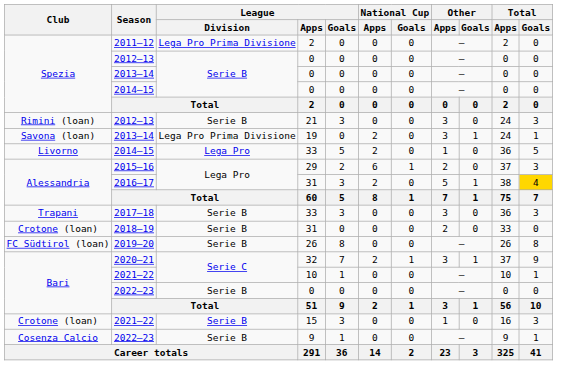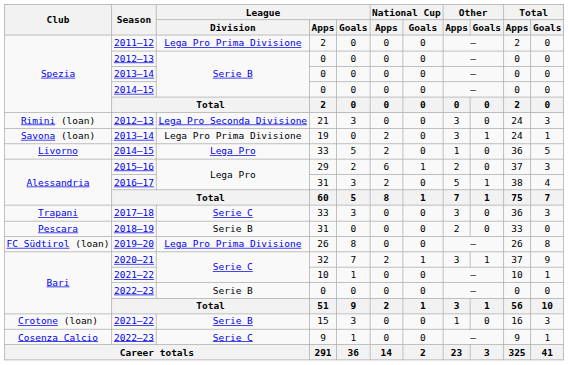 <table class="wikitable" style="text-align:center">
 <tr>
 <th rowspan="2">Club</th>
 <th rowspan="2">Season</th>
 <th colspan="3">League</th>
 <th colspan="2">National Cup</th>
 <th colspan="2">Other</th>
 <th colspan="2">Total</th>
 </tr>
 <tr>
 <th>Division</th>
 <th>Apps</th>
 <th>Goals</th>
 <th>Apps</th>
 <th>Goals</th>
 <th>Apps</th>
 <th>Goals</th>
 <th>Apps</th>
 <th>Goals</th>
 </tr>
 <tr>
 <td rowspan="5"><a href='#'>Spezia</a></td>
 <td><a href='#'>2011–12</a></td>
 <td><a href='#'>Lega Pro Prima Divisione</a></td>
 <td>2</td>
 <td>0</td>
 <td>0</td>
 <td>0</td>
 <td colspan="2">—</td>
 <td>2</td>
 <td>0</td>
 </tr>
 <tr>
 <td><a href='#'>2012–13</a></td>
 <td rowspan="3"><a href='#'>Serie B</a></td>
 <td>0</td>
 <td>0</td>
 <td>0</td>
 <td>0</td>
 <td colspan="2">—</td>
 <td>0</td>
 <td>0</td>
 </tr>
 <tr>
 <td><a href='#'>2013–14</a></td>
 <td>0</td>
 <td>0</td>
 <td>0</td>
 <td>0</td>
 <td colspan="2">—</td>
 <td>0</td>
 <td>0</td>
 </tr>
 <tr>
 <td><a href='#'>2014–15</a></td>
 <td>0</td>
 <td>0</td>
 <td>0</td>
 <td>0</td>
 <td colspan="2">—</td>
 <td>0</td>
 <td>0</td>
 </tr>
 <tr>
 <th colspan="2">Total</th>
 <th>2</th>
 <th>0</th>
 <th>0</th>
 <th>0</th>
 <th>0</th>
 <th>0</th>
 <th>2</th>
 <th>0</th>
 </tr>
 <tr>
 <td><a href='#'>Rimini</a> (loan)</td>
 <td><a href='#'>2012–13</a></td>
-<td>Serie B</td>
+<td><a href='#'>Lega Pro Seconda Divisione</a></td>
 <td>21</td>
 <td>3</td>
 <td>0</td>
 <td>0</td>
 <td>3</td>
 <td>0</td>
 <td>24</td>
 <td>3</td>
 </tr>
 <tr>
 <td><a href='#'>Savona</a> (loan)</td>
 <td><a href='#'>2013–14</a></td>
 <td>Lega Pro Prima Divisione</td>
 <td>19</td>
 <td>0</td>
 <td>2</td>
 <td>0</td>
 <td>3</td>
 <td>1</td>
 <td>24</td>
 <td>1</td>
 </tr>
 <tr>
 <td><a href='#'>Livorno</a></td>
 <td><a href='#'>2014–15</a></td>
 <td><a href='#'>Lega Pro</a></td>
 <td>33</td>
 <td>5</td>
 <td>2</td>
 <td>0</td>
 <td>1</td>
 <td>0</td>
 <td>36</td>
 <td>5</td>
 </tr>
 <tr>
 <td rowspan="3"><a href='#'>Alessandria</a></td>
 <td><a href='#'>2015–16</a></td>
 <td rowspan="2">Lega Pro</td>
 <td>29</td>
 <td>2</td>
 <td>6</td>
 <td>1</td>
 <td>2</td>
 <td>0</td>
 <td>37</td>
 <td>3</td>
 </tr>
 <tr>
 <td><a href='#'>2016–17</a></td>
 <td>31</td>
 <td>3</td>
 <td>2</td>
 <td>0</td>
 <td>5</td>
 <td>1</td>
 <td>38</td>
-<td style="background: gold;">4</td>
+<td>4</td>
 </tr>
 <tr>
 <th colspan="2">Total</th>
 <th>60</th>
 <th>5</th>
 <th>8</th>
 <th>1</th>
 <th>7</th>
 <th>1</th>
 <th>75</th>
 <th>7</th>
 </tr>
 <tr>
 <td><a href='#'>Trapani</a></td>
 <td><a href='#'>2017–18</a></td>
-<td>Serie B</td>
+<td><a href='#'>Serie C</a></td>
 <td>33</td>
 <td>3</td>
 <td>0</td>
 <td>0</td>
 <td>3</td>
 <td>0</td>
 <td>36</td>
 <td>3</td>
 </tr>
 <tr>
-<td><a href='#'>Crotone</a> (loan)</td>
+<td><a href='#'>Pescara</a></td>
 <td><a href='#'>2018–19</a></td>
 <td>Serie B</td>
 <td>31</td>
 <td>0</td>
 <td>0</td>
 <td>0</td>
 <td>2</td>
 <td>0</td>
 <td>33</td>
 <td>0</td>
 </tr>
 <tr>
 <td><a href='#'>FC Südtirol</a> (loan)</td>
 <td><a href='#'>2019–20</a></td>
-<td>Serie B</td>
+<td><a href='#'>Lega Pro Prima Divisione</a></td>
 <td>26</td>
 <td>8</td>
 <td>0</td>
 <td>0</td>
 <td colspan="2">—</td>
 <td>26</td>
 <td>8</td>
 </tr>
 <tr>
 <td rowspan="4"><a href='#'>Bari</a></td>
 <td><a href='#'>2020–21</a></td>
 <td rowspan="2"><a href='#'>Serie C</a></td>
 <td>32</td>
 <td>7</td>
 <td>2</td>
 <td>1</td>
 <td>3</td>
 <td>1</td>
 <td>37</td>
 <td>9</td>
 </tr>
 <tr>
 <td><a href='#'>2021–22</a></td>
 <td>10</td>
 <td>1</td>
 <td>0</td>
 <td>0</td>
 <td colspan="2">—</td>
 <td>10</td>
 <td>1</td>
 </tr>
 <tr>
 <td><a href='#'>2022–23</a></td>
 <td>Serie B</td>
 <td>0</td>
 <td>0</td>
 <td>0</td>
 <td>0</td>
 <td colspan="2">—</td>
 <td>0</td>
 <td>0</td>
 </tr>
 <tr>
 <th colspan="2">Total</th>
 <th>51</th>
 <th>9</th>
 <th>2</th>
 <th>1</th>
 <th>3</th>
 <th>1</th>
 <th>56</th>
 <th>10</th>
 </tr>
 <tr>
 <td><a href='#'>Crotone</a> (loan)</td>
 <td><a href='#'>2021–22</a></td>
 <td><a href='#'>Serie B</a></td>
 <td>15</td>
 <td>3</td>
 <td>0</td>
 <td>0</td>
 <td>1</td>
 <td>0</td>
 <td>16</td>
 <td>3</td>
 </tr>
 <tr>
 <td><a href='#'>Cosenza Calcio</a></td>
 <td><a href='#'>2022–23</a></td>
-<td>Serie B</td>
+<td><a href='#'>Serie C</a></td>
 <td>9</td>
 <td>1</td>
 <td>0</td>
 <td>0</td>
 <td colspan="2">—</td>
 <td>9</td>
 <td>1</td>
 </tr>
 <tr>
 <th colspan="3">Career totals</th>
 <th>291</th>
 <th>36</th>
 <th>14</th>
 <th>2</th>
 <th>23</th>
 <th>3</th>
 <th>325</th>
 <th>41</th>
 </tr>
 </table>
